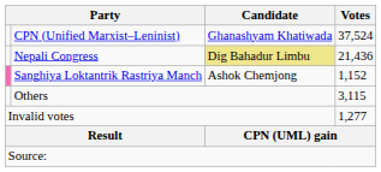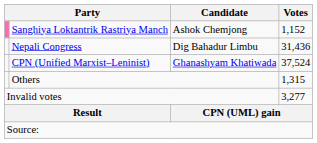 <table class="wikitable">
 <tr>
 <th colspan="2">Party</th>
 <th>Candidate</th>
 <th>Votes</th>
+</tr>
+<tr>
+<td style="background-color:hotpink"></td>
+<td><a href='#'>Sanghiya Loktantrik Rastriya Manch</a></td>
+<td>Ashok Chemjong</td>
+<td>1,152</td>
+</tr>
+<tr>
+<td style="background-color:"></td>
+<td><a href='#'>Nepali Congress</a></td>
+<td>Dig Bahadur Limbu</td>
+<td>31,436</td>
 </tr>
 <tr>
 <td style="background-color:"></td>
 <td><a href='#'>CPN (Unified Marxist–Leninist)</a></td>
 <td><a href='#'>Ghanashyam Khatiwada</a></td>
 <td>37,524</td>
 </tr>
 <tr>
-<td style="background-color:"></td>
-<td><a href='#'>Nepali Congress</a></td>
-<td style="background: khaki;">Dig Bahadur Limbu</td>
-<td>21,436</td>
-</tr>
-<tr>
-<td style="background-color:hotpink"></td>
-<td><a href='#'>Sanghiya Loktantrik Rastriya Manch</a></td>
-<td>Ashok Chemjong</td>
-<td>1,152</td>
-</tr>
-<tr>
 <td></td>
 <td colspan="2">Others</td>
-<td>3,115</td>
+<td>1,315</td>
 </tr>
 <tr>
 <td colspan="3">Invalid votes</td>
-<td>1,277</td>
+<td>3,277</td>
 </tr>
 <tr>
 <th colspan="2">Result</th>
 <th colspan="2">CPN (UML) gain</th>
 </tr>
 <tr>
 <td colspan="4">Source: </td>
 </tr>
 </table>
